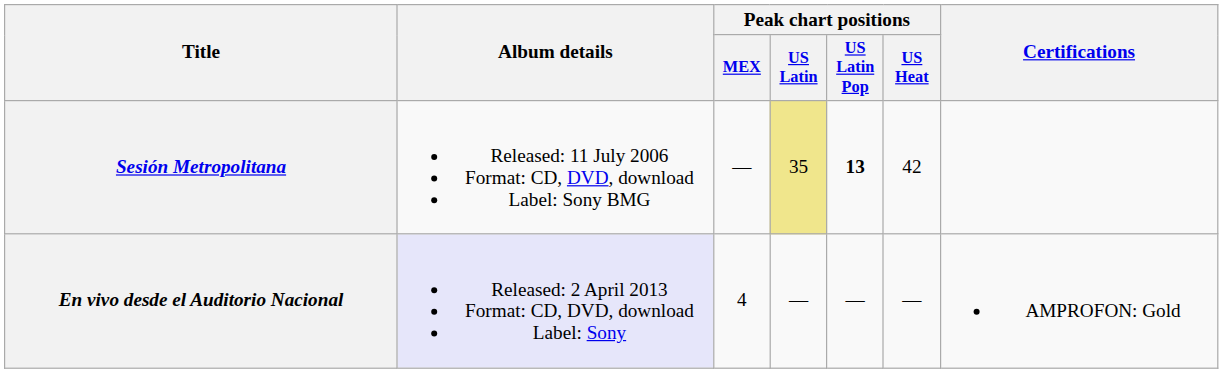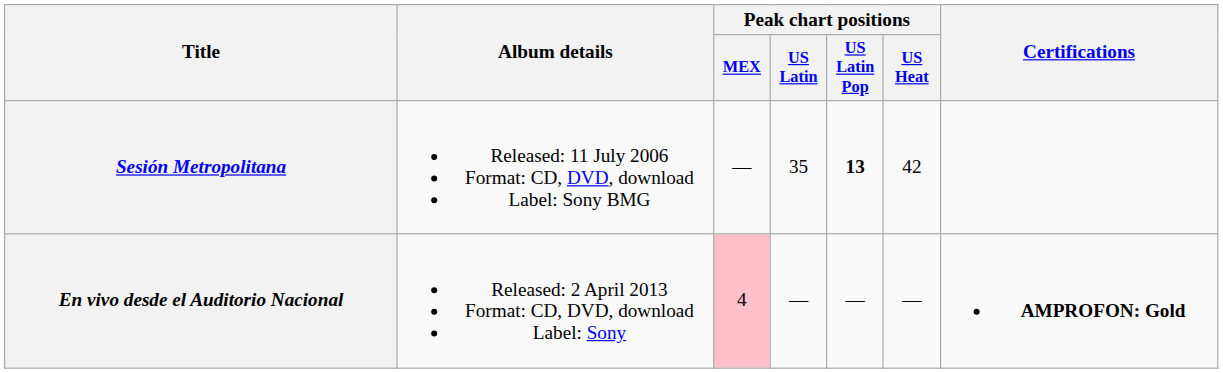 <table class="wikitable plainrowheaders" style="text-align:center;" border="1">
 <tr>
 <th scope="col" rowspan="2" style="width:20em;">Title</th>
 <th scope="col" rowspan="2" style="width:16em;">Album details</th>
 <th scope="col" colspan="4">Peak chart positions</th>
 <th scope="col" rowspan="2" style="width:14em;"><a href='#'>Certifications</a></th>
 </tr>
 <tr>
 <th scope="col" style="width:3em;font-size:85%;"><a href='#'>MEX</a><br></th>
 <th scope="col" style="width:3em;font-size:85%;"><a href='#'>US Latin</a><br></th>
 <th scope="col" style="width:3em;font-size:85%;"><a href='#'>US Latin Pop</a><br></th>
 <th scope="col" style="width:3em;font-size:85%;"><a href='#'>US<br>Heat</a><br></th>
 </tr>
 <tr>
 <th scope="row"><em><a href='#'>Sesión Metropolitana</a></em></th>
 <td><br><ul><li>Released: 11 July 2006</li><li>Format: CD, <a href='#'>DVD</a>, download</li><li>Label: Sony BMG</li></ul></td>
 <td>—</td>
-<td style="background: khaki;">35</td>
+<td>35</td>
 <td><strong>13</strong></td>
 <td>42</td>
 <td></td>
 </tr>
 <tr>
 <th scope="row"><em>En vivo desde el Auditorio Nacional</em></th>
-<td style="background: lavender;"><br><ul><li>Released: 2 April 2013</li><li>Format: CD, DVD, download</li><li>Label: <a href='#'>Sony</a></li></ul></td>
-<td>4</td>
+<td><br><ul><li>Released: 2 April 2013</li><li>Format: CD, DVD, download</li><li>Label: <a href='#'>Sony</a></li></ul></td>
+<td style="background: pink;">4</td>
 <td>—</td>
 <td>—</td>
 <td>—</td>
-<td><br><ul><li>AMPROFON: Gold</li></ul></td>
+<td><strong><br><ul><li>AMPROFON: Gold</li></ul></strong></td>
 </tr>
 </table>
